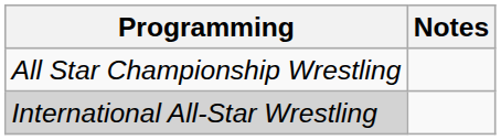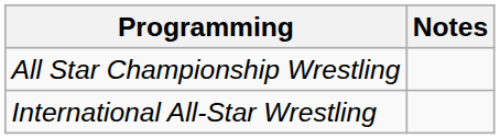 <table class="wikitable" style="font-size: 95%;">
 <tr>
 <th>Programming</th>
 <th>Notes</th>
 </tr>
 <tr>
 <td><em>All Star Championship Wrestling</em></td>
 <td></td>
 </tr>
 <tr>
-<td style="background: lightgrey;"><em>International All-Star Wrestling</em></td>
+<td><em>International All-Star Wrestling</em></td>
 <td></td>
 </tr>
 </table>
